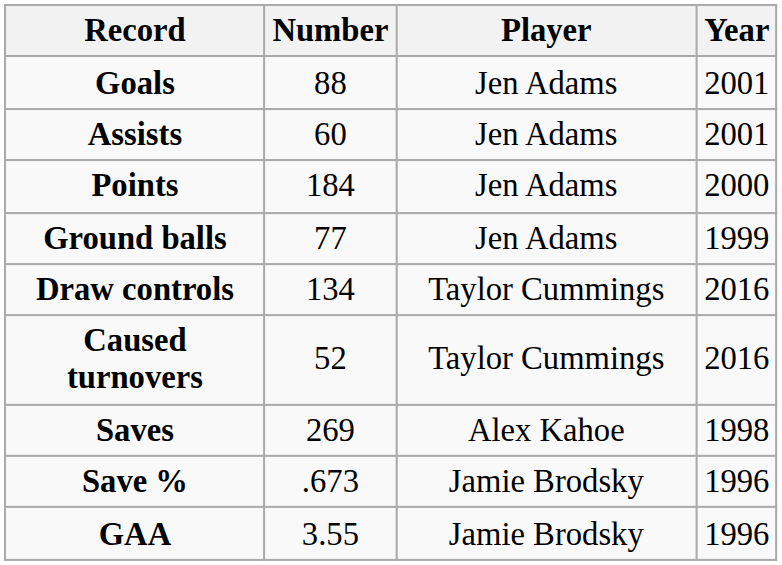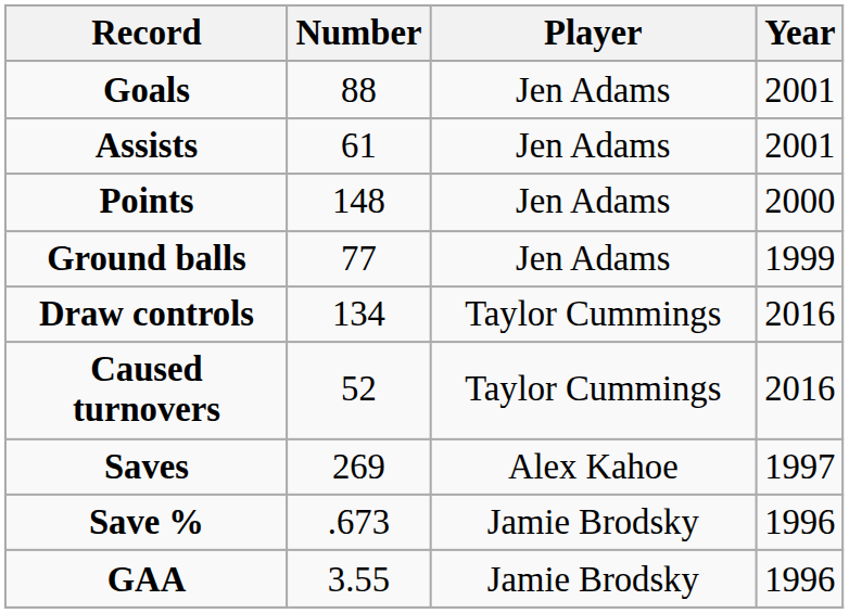 <table class="wikitable">
 <tr>
 <th style="width:120px; ">Record</th>
 <th style="width:35px; ">Number</th>
 <th style="width:140px; ">Player</th>
 <th style="width:30px; ">Year</th>
 </tr>
 <tr style="text-align:center;">
 <td><strong>Goals</strong></td>
 <td>88</td>
 <td>Jen Adams</td>
 <td>2001</td>
 </tr>
 <tr style="text-align:center;">
 <td><strong>Assists</strong></td>
-<td>60</td>
+<td>61</td>
 <td>Jen Adams</td>
 <td>2001</td>
 </tr>
 <tr style="text-align:center;">
 <td><strong>Points</strong></td>
-<td>184</td>
+<td>148</td>
 <td>Jen Adams</td>
 <td>2000</td>
 </tr>
 <tr style="text-align:center;">
 <td><strong>Ground balls</strong></td>
 <td>77</td>
 <td>Jen Adams</td>
 <td>1999</td>
 </tr>
 <tr style="text-align:center;">
 <td><strong>Draw controls</strong></td>
 <td>134</td>
 <td>Taylor Cummings</td>
 <td>2016</td>
 </tr>
 <tr style="text-align:center;">
 <td><strong>Caused turnovers</strong></td>
 <td>52</td>
 <td>Taylor Cummings</td>
 <td>2016</td>
 </tr>
 <tr style="text-align:center;">
 <td><strong>Saves</strong></td>
 <td>269</td>
 <td>Alex Kahoe</td>
-<td>1998</td>
+<td>1997</td>
 </tr>
 <tr style="text-align:center;">
 <td><strong>Save %</strong></td>
 <td>.673</td>
 <td>Jamie Brodsky</td>
 <td>1996</td>
 </tr>
 <tr style="text-align:center;">
 <td><strong>GAA</strong></td>
 <td>3.55</td>
 <td>Jamie Brodsky</td>
 <td>1996</td>
 </tr>
 </table>
